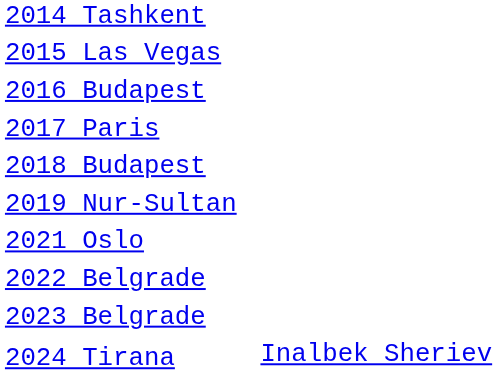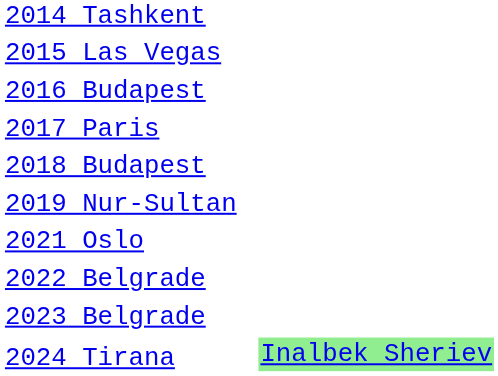 <table>
 <tr>
 <td rowspan=2><a href='#'>2014 Tashkent</a></td>
 <td rowspan=2></td>
 <td rowspan=2></td>
 <td></td>
 </tr>
 <tr>
 <td></td>
 </tr>
 <tr>
 <td rowspan=2><a href='#'>2015 Las Vegas</a></td>
 <td rowspan=2></td>
 <td rowspan=2></td>
 <td></td>
 </tr>
 <tr>
 <td></td>
 </tr>
 <tr>
 <td rowspan=2><a href='#'>2016 Budapest</a></td>
 <td rowspan=2></td>
 <td rowspan=2></td>
 <td></td>
 </tr>
 <tr>
 <td></td>
 </tr>
 <tr>
 <td rowspan=2><a href='#'>2017 Paris</a></td>
 <td rowspan=2></td>
 <td rowspan=2></td>
 <td></td>
 </tr>
 <tr>
 <td></td>
 </tr>
 <tr>
 <td rowspan=2><a href='#'>2018 Budapest</a></td>
 <td rowspan=2></td>
 <td rowspan=2></td>
 <td></td>
 </tr>
 <tr>
 <td></td>
 </tr>
 <tr>
 <td rowspan=2><a href='#'>2019 Nur-Sultan</a></td>
 <td rowspan=2></td>
 <td rowspan=2></td>
 <td></td>
 </tr>
 <tr>
 <td></td>
 </tr>
 <tr>
 <td rowspan=2><a href='#'>2021 Oslo</a></td>
 <td rowspan=2></td>
 <td rowspan=2></td>
 <td></td>
 </tr>
 <tr>
 <td></td>
 </tr>
 <tr>
 <td rowspan=2><a href='#'>2022 Belgrade</a></td>
 <td rowspan=2></td>
 <td rowspan=2></td>
 <td></td>
 </tr>
 <tr>
 <td></td>
 </tr>
 <tr>
 <td rowspan=2><a href='#'>2023 Belgrade</a></td>
 <td rowspan=2></td>
 <td rowspan=2></td>
 <td></td>
 </tr>
 <tr>
 <td></td>
 </tr>
 <tr>
 <td rowspan=2><a href='#'>2024 Tirana</a></td>
 <td rowspan=2></td>
 <td rowspan=2></td>
-<td> <a href='#'>Inalbek Sheriev</a> </td>
+<td style="background: lightgreen;"> <a href='#'>Inalbek Sheriev</a> </td>
 </tr>
 <tr>
 <td></td>
 </tr>
 </table>
